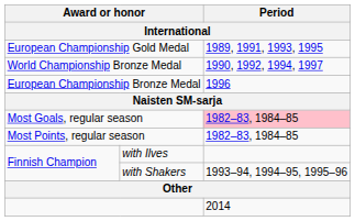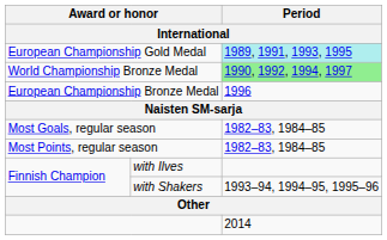 <table class="wikitable">
 <tr>
 <th colspan="2" scope="col">Award or honor</th>
 <th scope="col">Period</th>
 </tr>
 <tr>
 <th colspan="3">International</th>
 </tr>
 <tr>
 <td colspan="2"><a href='#'>European Championship</a> Gold Medal</td>
-<td><a href='#'>1989</a>, <a href='#'>1991</a>, <a href='#'>1993</a>, <a href='#'>1995</a></td>
+<td style="background: paleturquoise;"><a href='#'>1989</a>, <a href='#'>1991</a>, <a href='#'>1993</a>, <a href='#'>1995</a></td>
 </tr>
 <tr>
 <td colspan="2"><a href='#'>World Championship</a> Bronze Medal</td>
-<td><a href='#'>1990</a>, <a href='#'>1992</a>, <a href='#'>1994</a>, <a href='#'>1997</a></td>
+<td style="background: lightgreen;"><a href='#'>1990</a>, <a href='#'>1992</a>, <a href='#'>1994</a>, <a href='#'>1997</a></td>
 </tr>
 <tr>
 <td colspan="2"><a href='#'>European Championship</a> Bronze Medal</td>
 <td><a href='#'>1996</a></td>
 </tr>
 <tr>
 <th colspan="3">Naisten SM-sarja</th>
 </tr>
 <tr>
 <td colspan="2"><a href='#'>Most Goals</a>, regular season</td>
-<td style="background: pink;"><a href='#'>1982–83</a>, 1984–85</td>
+<td><a href='#'>1982–83</a>, 1984–85</td>
 </tr>
 <tr>
 <td colspan="2"><a href='#'>Most Points</a>, regular season</td>
 <td><a href='#'>1982–83</a>, 1984–85</td>
 </tr>
 <tr>
 <td rowspan="2"><a href='#'>Finnish Champion</a></td>
 <td><em>with Ilves</em></td>
 <td></td>
 </tr>
 <tr>
 <td><em>with Shakers</em></td>
 <td>1993–94, 1994–95, 1995–96</td>
 </tr>
 <tr>
 <th colspan="3">Other</th>
 </tr>
 <tr>
 <td colspan="2"></td>
 <td>2014</td>
 </tr>
 </table>
